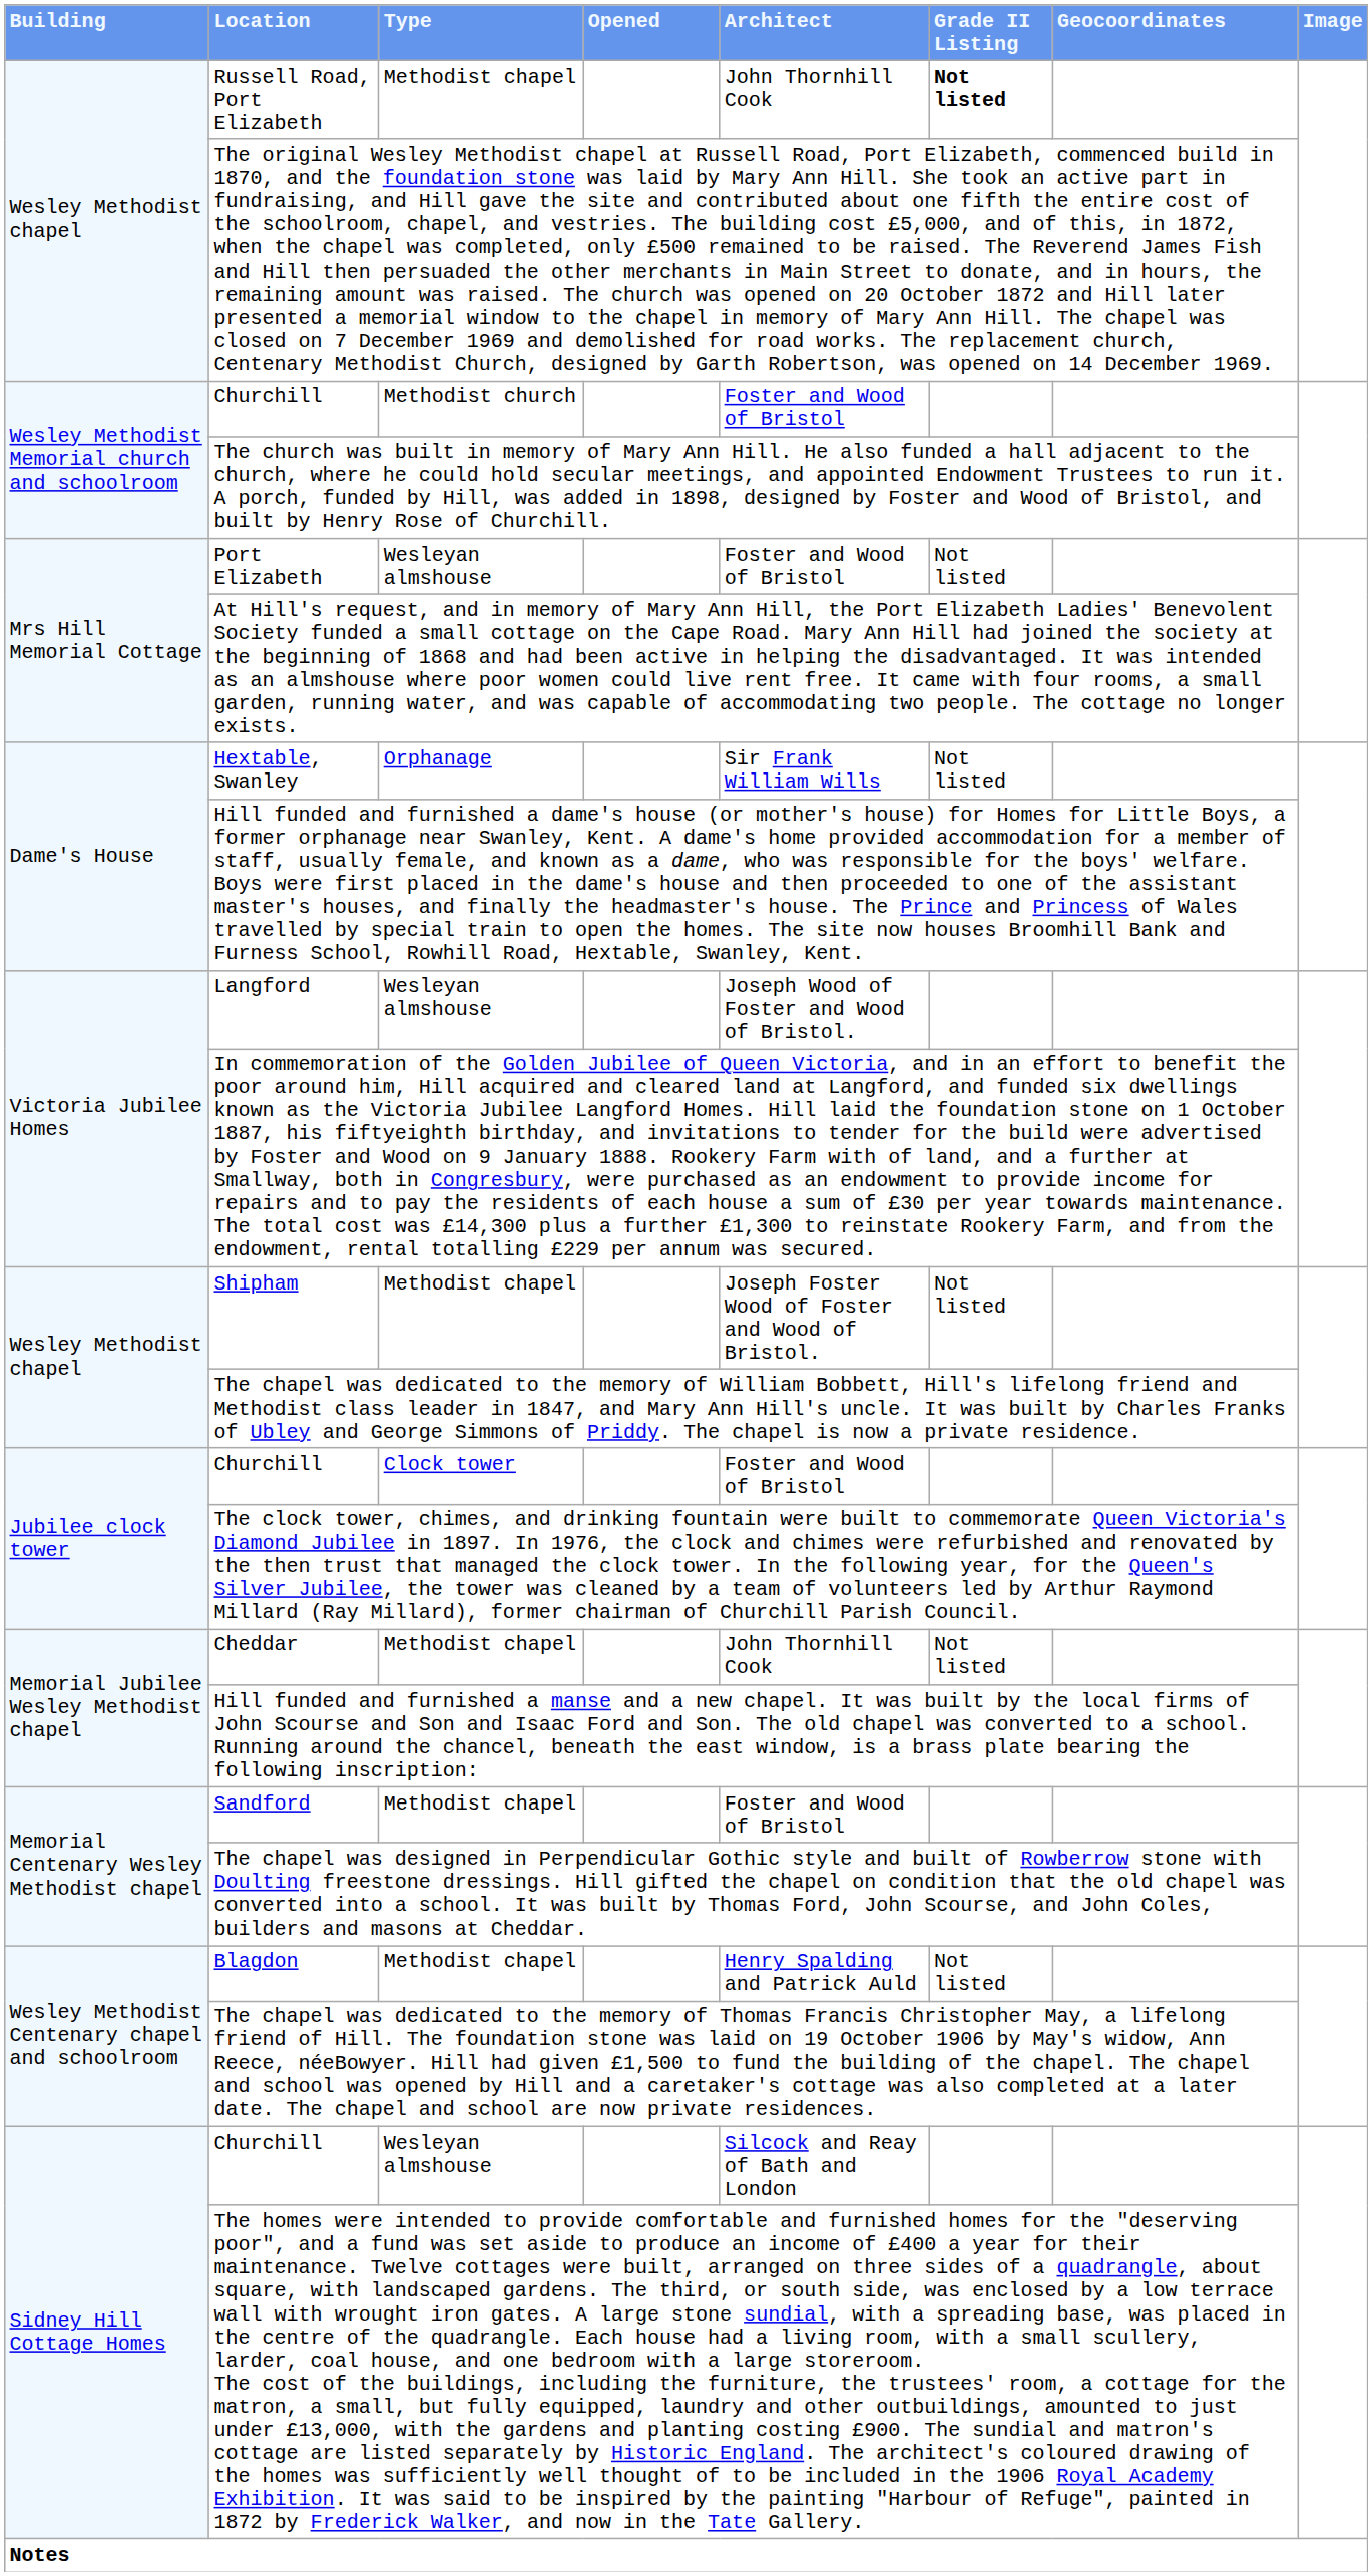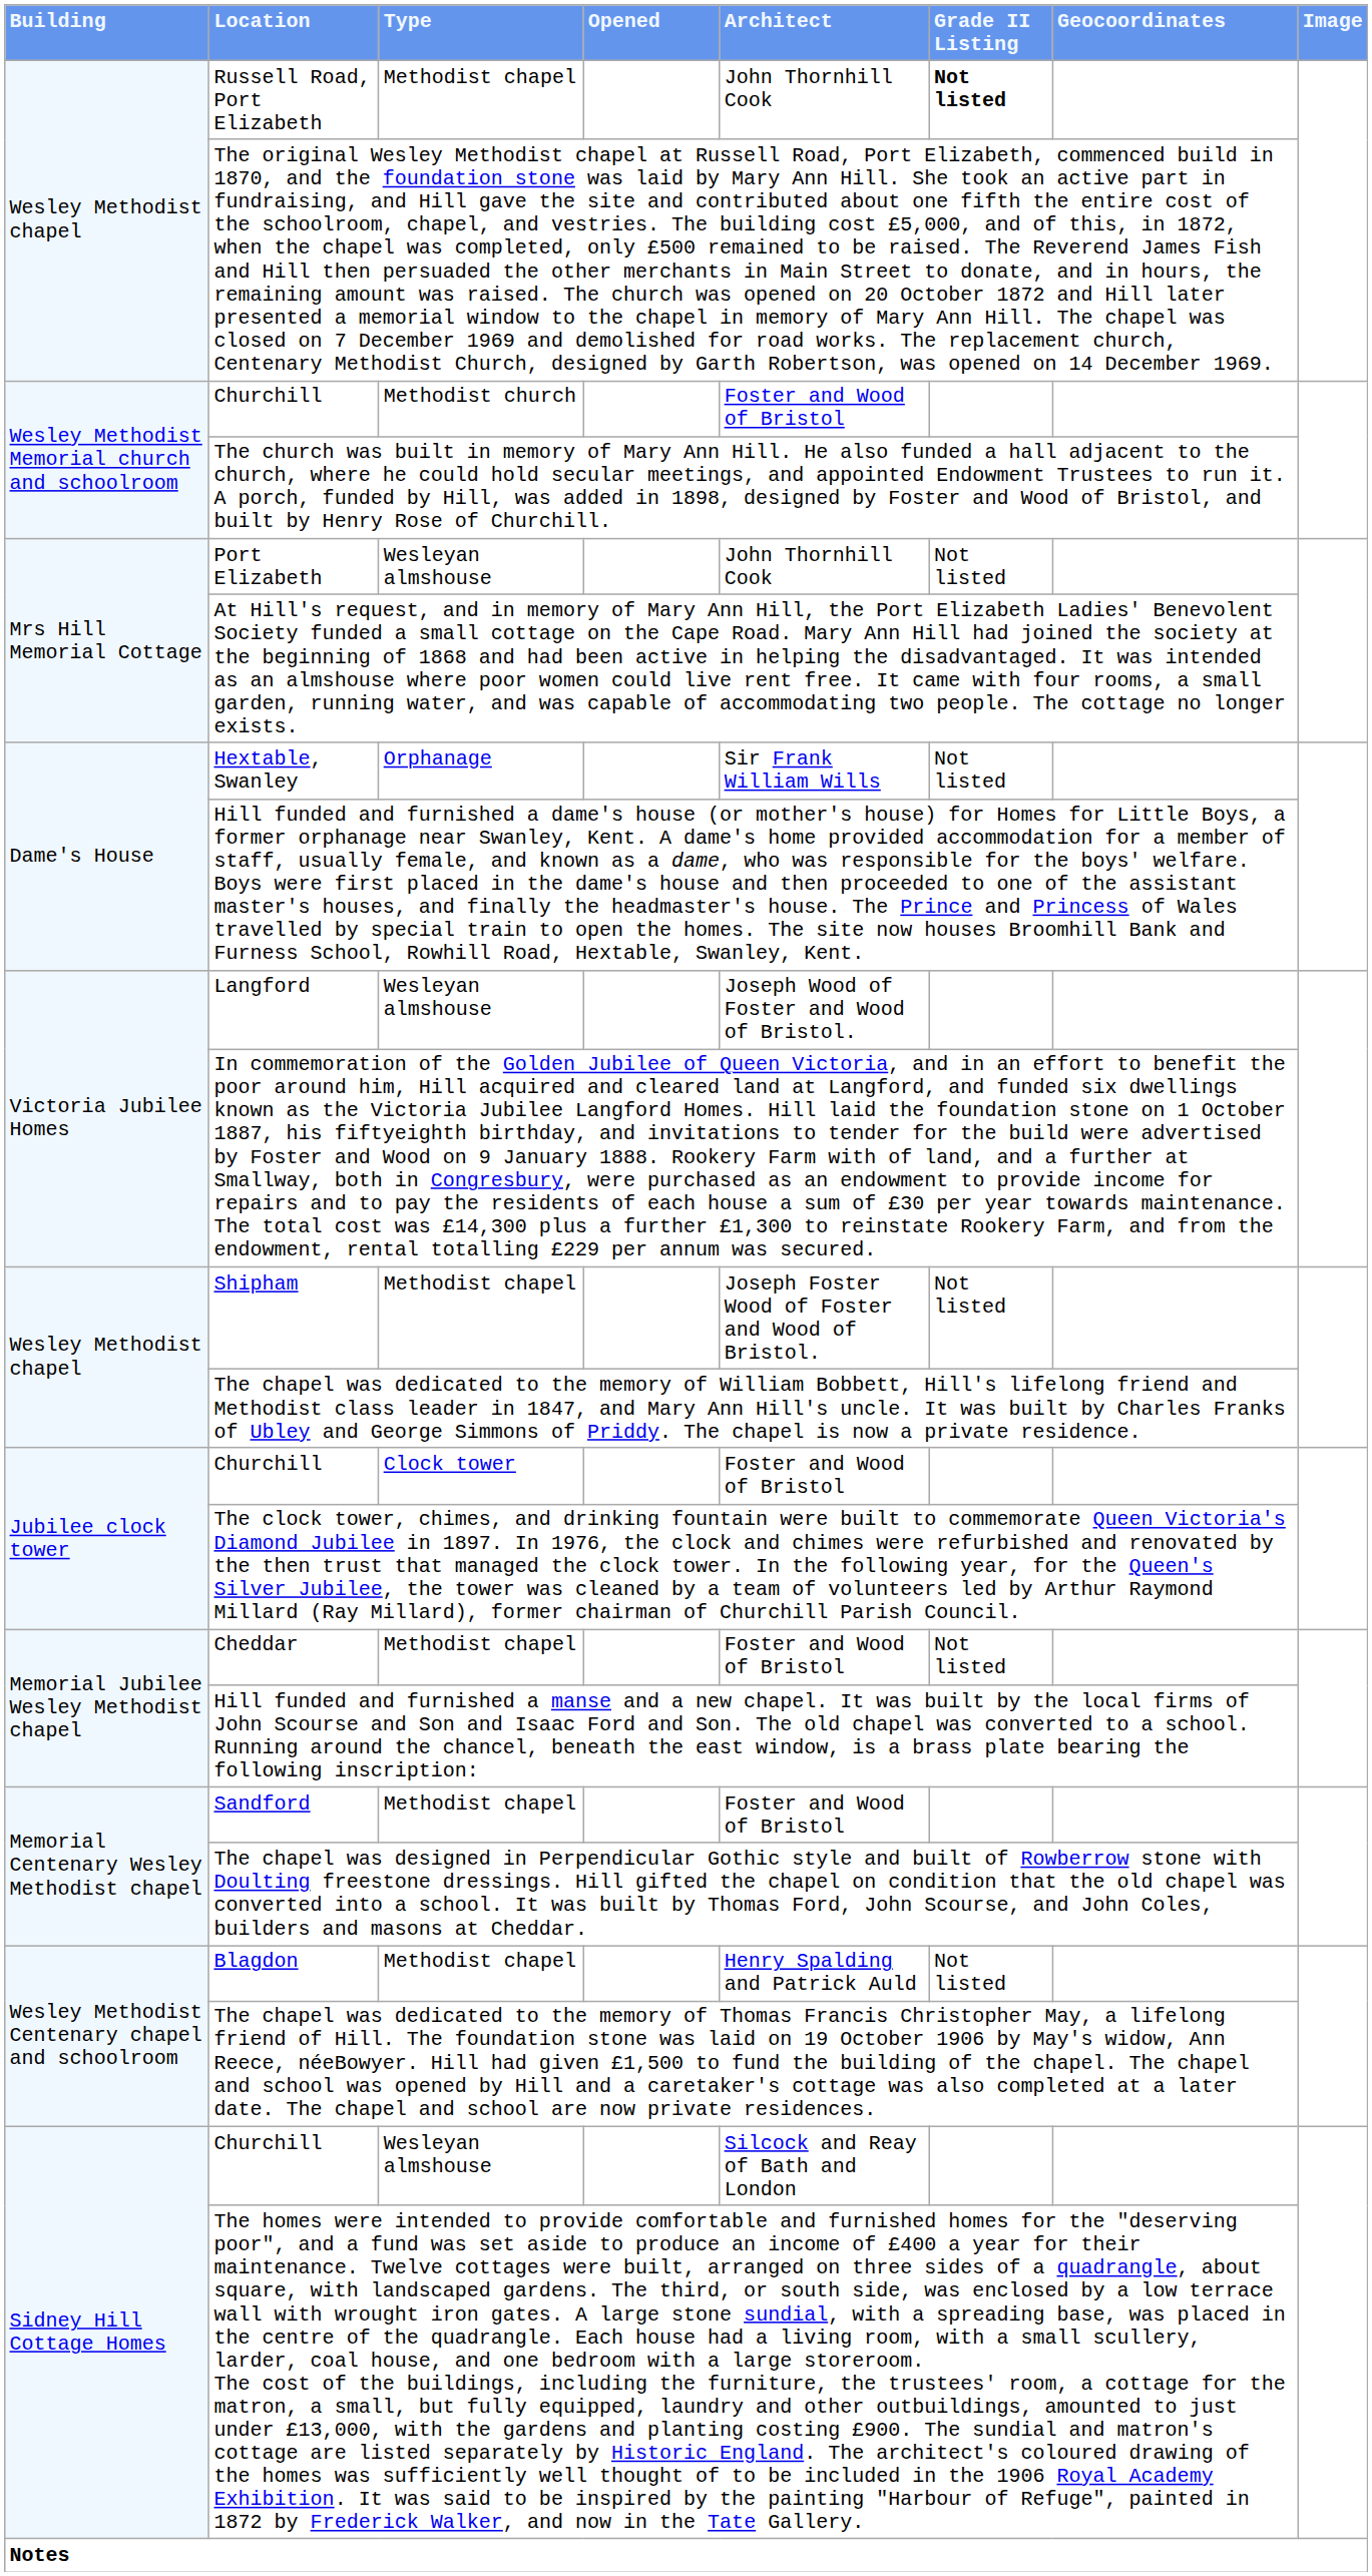 <table class="wikitable plainrowheaders mw-collapsible" style="margin-right: 0; background-color: White; color: Black">
 <tr style="vertical-align: top">
 <th scope="col" style="text-align: left; background-color: CornflowerBlue; color: AliceBlue; width: 15%">Building</th>
 <th scope="col" style="text-align: left; background-color: CornflowerBlue; color: AliceBlue">Location</th>
 <th scope="col" style="text-align: left; background-color: CornflowerBlue; color: AliceBlue; width: 15%">Type</th>
 <th scope="col" style="text-align: left; background-color: CornflowerBlue; color: AliceBlue; width: 10%">Opened</th>
 <th scope="col" style="text-align: left; background-color: CornflowerBlue; color: AliceBlue">Architect</th>
 <th scope="col" style="text-align: left; background-color: CornflowerBlue; color: AliceBlue">Grade II Listing</th>
 <th scope="col" style="text-align: left; background-color: CornflowerBlue; color: AliceBlue; width: 18%">Geocoordinates</th>
 <th scope="col" style="text-align: center; background-color: CornflowerBlue; color: AliceBlue">Image</th>
 </tr>
 <tr style="vertical-align: top">
 <td rowspan="2" colspan="1" style="text-align: left; vertical-align: middle; background-color: AliceBlue; color: Black"> Wesley Methodist chapel</td>
 <td>Russell Road, Port Elizabeth</td>
 <td>Methodist chapel</td>
 <td></td>
 <td>John Thornhill Cook</td>
 <td><strong>Not listed</strong></td>
 <td></td>
 <td rowspan="2" colspan="1" style="text-align: center; vertical-align: middle"></td>
 </tr>
 <tr>
 <td rowspan="1" colspan="6" style="text-align: left; vertical-align: top">The original Wesley Methodist chapel at Russell Road, Port Elizabeth, commenced build in 1870, and the <a href='#'>foundation stone</a> was laid by Mary Ann Hill. She took an active part in fundraising, and Hill gave the site and contributed about one fifth the entire cost of the schoolroom, chapel, and vestries. The building cost £5,000, and of this, in 1872, when the chapel was completed, only £500 remained to be raised. The Reverend James Fish and Hill then persuaded the other merchants in Main Street to donate, and in hours, the remaining amount was raised. The church was opened on 20 October 1872 and Hill later presented a memorial window to the chapel in memory of Mary Ann Hill. The chapel was closed on 7 December 1969 and demolished for road works. The replacement church, Centenary Methodist Church, designed by Garth Robertson, was opened on 14 December 1969.</td>
 </tr>
 <tr style="vertical-align: top">
 <td rowspan="2" colspan="1" style="text-align: left; vertical-align: middle; background-color: AliceBlue; color: Black"> <a href='#'>Wesley Methodist Memorial church and schoolroom</a></td>
 <td>Churchill</td>
 <td>Methodist church</td>
 <td></td>
 <td><a href='#'>Foster and Wood of Bristol</a></td>
 <td></td>
 <td></td>
 <td rowspan="2" colspan="1" style="text-align: center; vertical-align: middle"></td>
 </tr>
 <tr>
 <td rowspan="1" colspan="6" style="text-align: left; vertical-align: top">The church was built in memory of Mary Ann Hill. He also funded a hall adjacent to the church, where he could hold secular meetings, and appointed Endowment Trustees to run it. A porch, funded by Hill, was added in 1898, designed by Foster and Wood of Bristol, and built by Henry Rose of Churchill.</td>
 </tr>
 <tr style="vertical-align: top">
 <td rowspan="2" colspan="1" style="text-align: left; vertical-align: middle; background-color: AliceBlue; color: Black"> Mrs Hill Memorial Cottage</td>
 <td>Port Elizabeth</td>
 <td>Wesleyan almshouse</td>
 <td></td>
-<td>Foster and Wood of Bristol</td>
+<td>John Thornhill Cook</td>
 <td>Not listed</td>
 <td></td>
 <td rowspan="2" colspan="1" style="text-align: center; vertical-align: middle"></td>
 </tr>
 <tr>
 <td rowspan="1" colspan="6" style="text-align: left; vertical-align: top">At Hill's request, and in memory of Mary Ann Hill, the Port Elizabeth Ladies' Benevolent Society funded a small cottage on the Cape Road. Mary Ann Hill had joined the society at the beginning of 1868 and had been active in helping the disadvantaged. It was intended as an almshouse where poor women could live rent free. It came with four rooms, a small garden, running water, and was capable of accommodating two people. The cottage no longer exists.</td>
 </tr>
 <tr style="vertical-align: top">
 <td rowspan="2" colspan="1" style="text-align: left; vertical-align: middle; background-color: AliceBlue; color: Black"> Dame's House</td>
 <td><a href='#'>Hextable</a>, Swanley</td>
 <td><a href='#'>Orphanage</a></td>
 <td></td>
 <td>Sir <a href='#'>Frank William Wills</a></td>
 <td>Not listed</td>
 <td></td>
 <td rowspan="2" colspan="1" style="text-align: center; vertical-align: middle"></td>
 </tr>
 <tr>
 <td rowspan="1" colspan="6" style="text-align: left; vertical-align: top">Hill funded and furnished a dame's house (or mother's house) for Homes for Little Boys, a former orphanage near Swanley, Kent. A dame's home provided accommodation for a member of staff, usually female, and known as a <em>dame</em>, who was responsible for the boys' welfare. Boys were first placed in the dame's house and then proceeded to one of the assistant master's houses, and finally the headmaster's house. The <a href='#'>Prince</a> and <a href='#'>Princess</a> of Wales travelled by special train to open the homes. The site now houses Broomhill Bank and Furness School, Rowhill Road, Hextable, Swanley, Kent.</td>
 </tr>
 <tr style="vertical-align: top">
 <td rowspan="2" colspan="1" style="text-align: left; vertical-align: middle; background-color: AliceBlue; color: Black"> Victoria Jubilee Homes</td>
 <td>Langford</td>
 <td>Wesleyan almshouse</td>
 <td></td>
 <td>Joseph Wood of Foster and Wood of Bristol.</td>
 <td></td>
 <td></td>
 <td rowspan="2" colspan="1" style="text-align: center; vertical-align: middle"></td>
 </tr>
 <tr>
 <td rowspan="1" colspan="6" style="text-align: left; vertical-align: top">In commemoration of the <a href='#'>Golden Jubilee of Queen Victoria</a>, and in an effort to benefit the poor around him, Hill acquired and cleared land at Langford, and funded six dwellings known as the Victoria Jubilee Langford Homes. Hill laid the foundation stone on 1 October 1887, his fiftyeighth birthday, and invitations to tender for the build were advertised by Foster and Wood on 9 January 1888. Rookery Farm with  of land, and a further  at Smallway, both in <a href='#'>Congresbury</a>, were purchased as an endowment to provide income for repairs and to pay the residents of each house a sum of £30 per year towards maintenance. The total cost was £14,300 plus a further £1,300 to reinstate Rookery Farm, and from the endowment, rental totalling £229 per annum was secured.</td>
 </tr>
 <tr style="vertical-align: top">
 <td rowspan="2" colspan="1" style="text-align: left; vertical-align: middle; background-color: AliceBlue; color: Black"> Wesley Methodist chapel</td>
 <td><a href='#'>Shipham</a></td>
 <td>Methodist chapel</td>
 <td></td>
 <td>Joseph Foster Wood of Foster and Wood of Bristol.</td>
 <td>Not listed</td>
 <td></td>
 <td rowspan="2" colspan="1" style="text-align: center; vertical-align: middle"></td>
 </tr>
 <tr>
 <td rowspan="1" colspan="6" style="text-align: left; vertical-align: top">The chapel was dedicated to the memory of William Bobbett, Hill's lifelong friend and Methodist class leader in 1847, and Mary Ann Hill's uncle. It was built by Charles Franks of <a href='#'>Ubley</a> and George Simmons of <a href='#'>Priddy</a>. The chapel is now a private residence.</td>
 </tr>
 <tr style="vertical-align: top">
 <td rowspan="2" colspan="1" style="text-align: left; vertical-align: middle; background-color: AliceBlue; color: Black"> <a href='#'>Jubilee clock tower</a></td>
 <td>Churchill</td>
 <td><a href='#'>Clock tower</a></td>
 <td></td>
 <td>Foster and Wood of Bristol</td>
 <td></td>
 <td></td>
 <td rowspan="2" colspan="1" style="text-align: center; vertical-align: middle"></td>
 </tr>
 <tr>
 <td rowspan="1" colspan="6" style="text-align: left; vertical-align: top">The clock tower, chimes, and drinking fountain were built to commemorate <a href='#'>Queen Victoria's Diamond Jubilee</a> in 1897. In 1976, the clock and chimes were refurbished and renovated by the then trust that managed the clock tower. In the following year, for the <a href='#'>Queen's Silver Jubilee</a>, the tower was cleaned by a team of volunteers led by Arthur Raymond Millard (Ray Millard), former chairman of Churchill Parish Council.</td>
 </tr>
 <tr style="vertical-align: top">
 <td rowspan="2" colspan="1" style="text-align: left; vertical-align: middle; background-color: AliceBlue; color: Black"> Memorial Jubilee Wesley Methodist chapel</td>
 <td>Cheddar</td>
 <td>Methodist chapel</td>
 <td></td>
-<td>John Thornhill Cook</td>
+<td>Foster and Wood of Bristol</td>
 <td>Not listed</td>
 <td></td>
 <td rowspan="2" colspan="1" style="text-align: center; vertical-align: middle"></td>
 </tr>
 <tr>
 <td rowspan="1" colspan="6" style="text-align: left; vertical-align: top">Hill funded and furnished a <a href='#'>manse</a> and a new chapel. It was built by the local firms of John Scourse and Son and Isaac Ford and Son. The old chapel was converted to a school. Running around the chancel, beneath the east window, is a brass plate bearing the following inscription:<br></td>
 </tr>
 <tr style="vertical-align: top">
 <td rowspan="2" colspan="1" style="text-align: left; vertical-align: middle; background-color: AliceBlue; color: Black"> Memorial Centenary Wesley Methodist chapel</td>
 <td><a href='#'>Sandford</a></td>
 <td>Methodist chapel</td>
 <td></td>
 <td>Foster and Wood of Bristol</td>
 <td></td>
 <td></td>
 <td rowspan="2" colspan="1" style="text-align: center; vertical-align: middle"></td>
 </tr>
 <tr>
 <td rowspan="1" colspan="6" style="text-align: left; vertical-align: top">The chapel was designed in Perpendicular Gothic style and built of <a href='#'>Rowberrow</a> stone with <a href='#'>Doulting</a> freestone dressings. Hill gifted the chapel on condition that the old chapel was converted into a school. It was built by Thomas Ford, John Scourse, and John Coles, builders and masons at Cheddar.</td>
 </tr>
 <tr style="vertical-align: top">
 <td rowspan="2" colspan="1" style="text-align: left; vertical-align: middle; background-color: AliceBlue; color: Black"> Wesley Methodist Centenary chapel and schoolroom</td>
 <td><a href='#'>Blagdon</a></td>
 <td>Methodist chapel</td>
 <td></td>
 <td><a href='#'>Henry Spalding</a> and Patrick Auld</td>
 <td>Not listed</td>
 <td></td>
 <td rowspan="2" colspan="1" style="text-align: center; vertical-align: middle"></td>
 </tr>
 <tr>
 <td rowspan="1" colspan="6" style="text-align: left; vertical-align: top">The chapel was dedicated to the memory of Thomas Francis Christopher May, a lifelong friend of Hill. The foundation stone was laid on 19 October 1906 by May's widow, Ann Reece, néeBowyer. Hill had given £1,500 to fund the building of the chapel. The chapel and school was opened by Hill and a caretaker's cottage was also completed at a later date. The chapel and school are now private residences.</td>
 </tr>
 <tr style="vertical-align: top">
 <td rowspan="2" colspan="1" style="text-align: left; vertical-align: middle; background-color: AliceBlue; color: Black"> <a href='#'>Sidney Hill Cottage Homes</a></td>
 <td>Churchill</td>
 <td>Wesleyan almshouse</td>
 <td></td>
 <td><a href='#'>Silcock</a> and Reay of Bath and London</td>
 <td></td>
 <td></td>
 <td rowspan="2" colspan="1" style="text-align: center; vertical-align: middle"><br></td>
 </tr>
 <tr>
 <td rowspan="1" colspan="6" style="text-align: left; vertical-align: top">The homes were intended to provide comfortable and furnished homes for the "deserving poor", and a fund was set aside to produce an income of £400 a year for their maintenance. Twelve cottages were built, arranged on three sides of a <a href='#'>quadrangle</a>, about  square, with landscaped gardens. The third, or south side, was enclosed by a low terrace wall with wrought iron gates. A large stone <a href='#'>sundial</a>, with a spreading base, was placed in the centre of the quadrangle. Each house had a living room, with a small scullery, larder, coal house, and one bedroom with a large storeroom.<br>The cost of the buildings, including the furniture, the trustees' room, a cottage for the matron, a small, but fully equipped, laundry and other outbuildings, amounted to just under £13,000, with the gardens and planting costing £900. The sundial and matron's cottage are listed separately by <a href='#'>Historic England</a>. The architect's coloured drawing of the homes was sufficiently well thought of to be included in the 1906 <a href='#'>Royal Academy Exhibition</a>. It was said to be inspired by the painting "Harbour of Refuge", painted in 1872 by <a href='#'>Frederick Walker</a>, and now in the <a href='#'>Tate</a> Gallery.</td>
 </tr>
 <tr style="vertical-align: top">
 <td colspan="8" style="text-align: left; vertical-align: top; background-color: White; color: Black"><strong>Notes</strong></td>
 </tr>
 </table>
